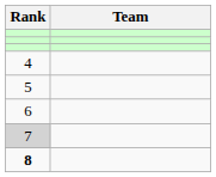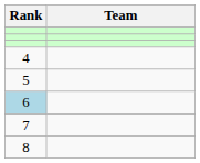 <table class=wikitable style="text-align:center;">
 <tr>
 <th width=40>Rank</th>
 <th width=160>Team</th>
 </tr>
 <tr bgcolor="#ccffcc">
 <td></td>
 <td align=left></td>
 </tr>
 <tr bgcolor="#ccffcc">
 <td></td>
 <td align=left></td>
 </tr>
 <tr bgcolor="#ccffcc">
 <td></td>
 <td align=left></td>
 </tr>
 <tr>
 <td>4</td>
 <td align=left></td>
 </tr>
 <tr>
 <td>5</td>
 <td align=left></td>
 </tr>
 <tr>
-<td>6</td>
+<td style="background: lightblue;">6</td>
 <td align=left></td>
 </tr>
 <tr>
-<td style="background: lightgrey;">7</td>
+<td>7</td>
 <td align=left></td>
 </tr>
 <tr>
-<td><strong>8</strong></td>
+<td>8</td>
 <td align=left></td>
 </tr>
 </table>
